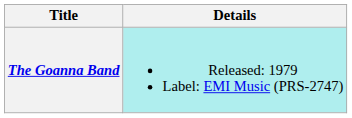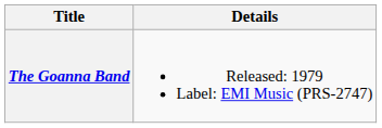 <table class="wikitable plainrowheaders" style="text-align:center;" border="1">
 <tr>
 <th>Title</th>
 <th>Details</th>
 </tr>
 <tr>
 <th scope="row"><em><a href='#'>The Goanna Band</a></em></th>
-<td style="background: paleturquoise;"><br><ul><li>Released: 1979</li><li>Label: <a href='#'>EMI Music</a> (PRS-2747)</li></ul></td>
+<td><br><ul><li>Released: 1979</li><li>Label: <a href='#'>EMI Music</a> (PRS-2747)</li></ul></td>
 </tr>
 </table>
